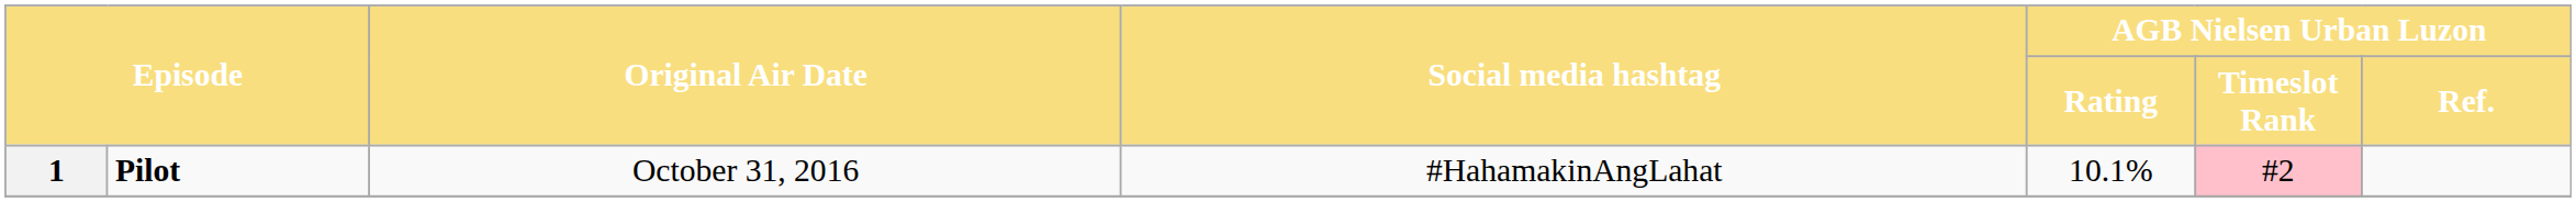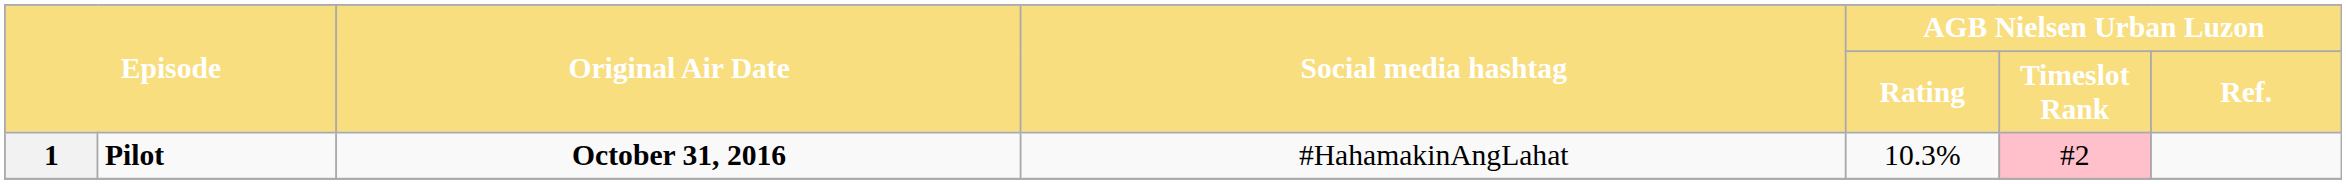 <table class="wikitable" style="text-align:center; font-size:100%; line-height:18px;"  width="100%">
 <tr>
 <th colspan="2" rowspan="2" style="background-color:#F8DE7E; color:#ffffff;">Episode</th>
 <th style="background:#F8DE7E; color:white" rowspan="2">Original Air Date</th>
 <th style="background:#F8DE7E; color:white" rowspan="2">Social media hashtag</th>
 <th style="background-color:#F8DE7E; color:#ffffff;" colspan="3">AGB Nielsen Urban Luzon</th>
 </tr>
 <tr>
 <th style="background-color:#F8DE7E; width:75px; color:#ffffff;">Rating</th>
 <th style="background-color:#F8DE7E; width:75px; color:#ffffff;">Timeslot<br>Rank</th>
 <th style="background-color:#F8DE7E; color:#ffffff;">Ref.</th>
 </tr>
 <tr>
 <th>1</th>
 <td style="text-align: left;"><strong>Pilot</strong></td>
-<td>October 31, 2016</td>
+<td><strong>October 31, 2016</strong></td>
 <td>#HahamakinAngLahat</td>
-<td>10.1%</td>
+<td>10.3%</td>
 <td style="background: pink;">#2</td>
 <td></td>
 </tr>
 <tr>
 </tr>
 </table>
